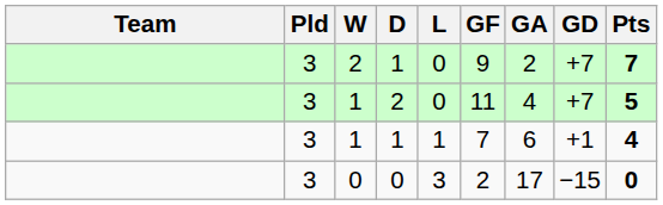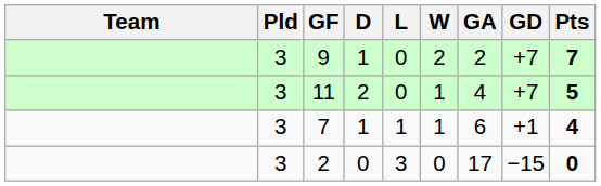 <table class="wikitable" style="text-align:center">
 <tr>
 <th width="175">Team</th>
 <th width="20">Pld</th>
-<th width="20">W</th>
+<th width="20">GF</th>
 <th width="20">D</th>
 <th width="20">L</th>
-<th width="20">GF</th>
+<th width="20">W</th>
 <th width="20">GA</th>
 <th width="20">GD</th>
 <th width="20">Pts</th>
 </tr>
 <tr bgcolor="ccffcc">
 <td align="left"></td>
 <td>3</td>
-<td>2</td>
+<td>9</td>
 <td>1</td>
 <td>0</td>
-<td>9</td>
+<td>2</td>
 <td>2</td>
 <td>+7</td>
 <td><strong>7</strong></td>
 </tr>
 <tr bgcolor="ccffcc">
 <td align="left"></td>
 <td>3</td>
-<td>1</td>
+<td>11</td>
 <td>2</td>
 <td>0</td>
-<td>11</td>
+<td>1</td>
 <td>4</td>
 <td>+7</td>
 <td><strong>5</strong></td>
 </tr>
 <tr>
 <td align="left"></td>
 <td>3</td>
+<td>7</td>
 <td>1</td>
 <td>1</td>
 <td>1</td>
-<td>7</td>
 <td>6</td>
 <td>+1</td>
 <td><strong>4</strong></td>
 </tr>
 <tr>
 <td align="left"></td>
 <td>3</td>
-<td>0</td>
+<td>2</td>
 <td>0</td>
 <td>3</td>
-<td>2</td>
+<td>0</td>
 <td>17</td>
 <td>−15</td>
 <td><strong>0</strong></td>
 </tr>
 </table>
